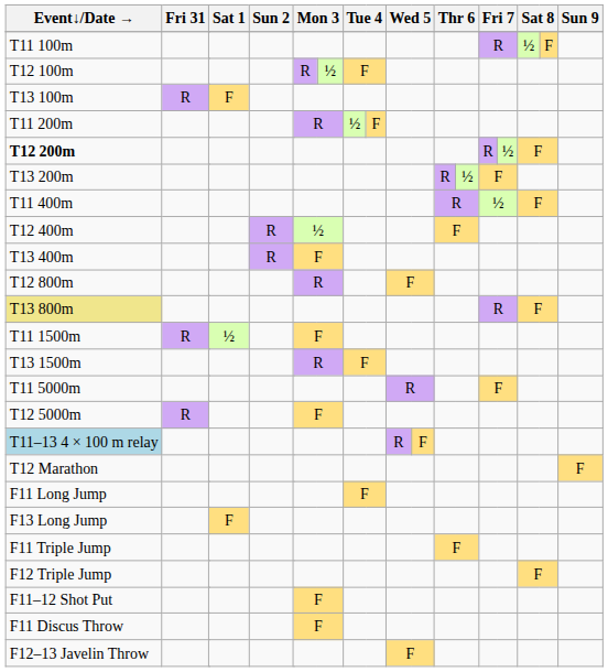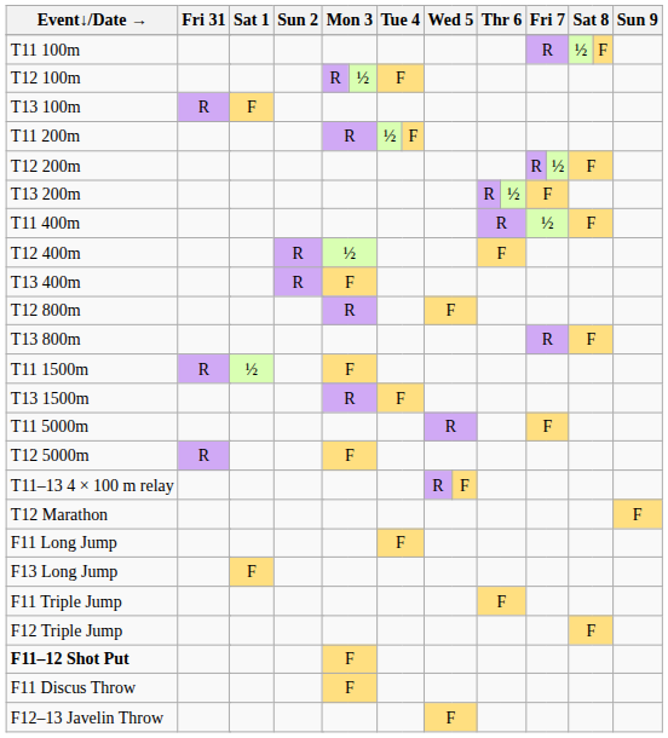 <table class="wikitable" style="margin:0.5em auto; font-size:90%; line-height:1.25em;">
 <tr align="center">
 <th>Event↓/Date →</th>
 <th colspan=2>Fri 31</th>
 <th colspan=2>Sat 1</th>
 <th colspan=2>Sun 2</th>
 <th colspan=2>Mon 3</th>
 <th colspan=2>Tue 4</th>
 <th colspan=2>Wed 5</th>
 <th colspan=2>Thr 6</th>
 <th colspan=2>Fri 7</th>
 <th colspan=2>Sat 8</th>
 <th colspan=2>Sun 9</th>
 </tr>
 <tr>
 </tr>
 <tr align="center">
 <td align="left">T11 100m</td>
 <td colspan=2></td>
 <td colspan=2></td>
 <td colspan=2></td>
 <td colspan=2></td>
 <td colspan=2></td>
 <td colspan=2></td>
 <td colspan=2></td>
 <td colspan=2 bgcolor="#D0A9F5">R</td>
 <td bgcolor="#D9FFB2">½</td>
 <td bgcolor="#FFDF80">F</td>
 <td colspan=2></td>
 </tr>
 <tr align="center">
 <td align="left">T12 100m</td>
 <td colspan=2></td>
 <td colspan=2></td>
 <td colspan=2></td>
 <td bgcolor="#D0A9F5">R</td>
 <td bgcolor="#D9FFB2">½</td>
 <td colspan=2 bgcolor="#FFDF80">F</td>
 <td colspan=2></td>
 <td colspan=2></td>
 <td colspan=2></td>
 <td colspan=2></td>
 <td colspan=2></td>
 </tr>
 <tr align="center">
 <td align="left">T13 100m</td>
 <td colspan=2 bgcolor="#D0A9F5">R</td>
 <td colspan=2 bgcolor="#FFDF80">F</td>
 <td colspan=2></td>
 <td colspan=2></td>
 <td colspan=2></td>
 <td colspan=2></td>
 <td colspan=2></td>
 <td colspan=2></td>
 <td colspan=2></td>
 <td colspan=2></td>
 </tr>
 <tr align="center">
 <td align="left">T11 200m</td>
 <td colspan=2></td>
 <td colspan=2></td>
 <td colspan=2></td>
 <td colspan=2 bgcolor="#D0A9F5">R</td>
 <td bgcolor="#D9FFB2">½</td>
 <td bgcolor="#FFDF80">F</td>
 <td colspan=2></td>
 <td colspan=2></td>
 <td colspan=2></td>
 <td colspan=2></td>
 <td colspan=2></td>
 </tr>
 <tr align="center">
-<td align="left"><strong>T12 200m</strong></td>
+<td align="left">T12 200m</td>
 <td colspan=2></td>
 <td colspan=2></td>
 <td colspan=2></td>
 <td colspan=2></td>
 <td colspan=2></td>
 <td colspan=2></td>
 <td colspan=2></td>
 <td bgcolor="#D0A9F5">R</td>
 <td bgcolor="#D9FFB2">½</td>
 <td colspan=2 bgcolor="#FFDF80">F</td>
 <td colspan=2></td>
 </tr>
 <tr align="center">
 <td align="left">T13 200m</td>
 <td colspan=2></td>
 <td colspan=2></td>
 <td colspan=2></td>
 <td colspan=2></td>
 <td colspan=2></td>
 <td colspan=2></td>
 <td bgcolor="#D0A9F5">R</td>
 <td bgcolor="#D9FFB2">½</td>
 <td colspan=2 bgcolor="#FFDF80">F</td>
 <td colspan=2></td>
 <td colspan=2></td>
 </tr>
 <tr align="center">
 <td align="left">T11 400m</td>
 <td colspan=2></td>
 <td colspan=2></td>
 <td colspan=2></td>
 <td colspan=2></td>
 <td colspan=2></td>
 <td colspan=2></td>
 <td colspan=2 bgcolor="#D0A9F5">R</td>
 <td colspan=2 bgcolor="#D9FFB2">½</td>
 <td colspan=2 bgcolor="#FFDF80">F</td>
 <td colspan=2></td>
 </tr>
 <tr align="center">
 <td align="left">T12 400m</td>
 <td colspan=2></td>
 <td colspan=2></td>
 <td colspan=2 bgcolor="#D0A9F5">R</td>
 <td colspan=2 bgcolor="#D9FFB2">½</td>
 <td colspan=2></td>
 <td colspan=2></td>
 <td colspan=2 bgcolor="#FFDF80">F</td>
 <td colspan=2></td>
 <td colspan=2></td>
 <td colspan=2></td>
 </tr>
 <tr align="center">
 <td align="left">T13 400m</td>
 <td colspan=2></td>
 <td colspan=2></td>
 <td colspan=2 bgcolor="#D0A9F5">R</td>
 <td colspan=2 bgcolor="#FFDF80">F</td>
 <td colspan=2></td>
 <td colspan=2></td>
 <td colspan=2></td>
 <td colspan=2></td>
 <td colspan=2></td>
 <td colspan=2></td>
 </tr>
 <tr align="center">
 <td align="left">T12 800m</td>
 <td colspan=2></td>
 <td colspan=2></td>
 <td colspan=2></td>
 <td colspan=2 bgcolor="#D0A9F5">R</td>
 <td colspan=2></td>
 <td colspan=2 bgcolor="#FFDF80">F</td>
 <td colspan=2></td>
 <td colspan=2></td>
 <td colspan=2></td>
 <td colspan=2></td>
 </tr>
 <tr align="center">
-<td align="left" style="background: khaki;">T13 800m</td>
+<td align="left">T13 800m</td>
 <td colspan=2></td>
 <td colspan=2></td>
 <td colspan=2></td>
 <td colspan=2></td>
 <td colspan=2></td>
 <td colspan=2></td>
 <td colspan=2></td>
 <td colspan=2 bgcolor="#D0A9F5">R</td>
 <td colspan=2 bgcolor="#FFDF80">F</td>
 <td colspan=2></td>
 </tr>
 <tr align="center">
 <td align="left">T11 1500m</td>
 <td colspan=2 bgcolor="#D0A9F5">R</td>
 <td colspan=2 bgcolor="#D9FFB2">½</td>
 <td colspan=2></td>
 <td colspan=2 bgcolor="#FFDF80">F</td>
 <td colspan=2></td>
 <td colspan=2></td>
 <td colspan=2></td>
 <td colspan=2></td>
 <td colspan=2></td>
 <td colspan=2></td>
 </tr>
 <tr align="center">
 <td align="left">T13 1500m</td>
 <td colspan=2></td>
 <td colspan=2></td>
 <td colspan=2></td>
 <td colspan=2 bgcolor="#D0A9F5">R</td>
 <td colspan=2 bgcolor="#FFDF80">F</td>
 <td colspan=2></td>
 <td colspan=2></td>
 <td colspan=2></td>
 <td colspan=2></td>
 <td colspan=2></td>
 </tr>
 <tr align="center">
 <td align="left">T11 5000m</td>
 <td colspan=2></td>
 <td colspan=2></td>
 <td colspan=2></td>
 <td colspan=2></td>
 <td colspan=2></td>
 <td colspan=2 bgcolor="#D0A9F5">R</td>
 <td colspan=2></td>
 <td colspan=2 bgcolor="#FFDF80">F</td>
 <td colspan=2></td>
 <td colspan=2></td>
 </tr>
 <tr align="center">
 <td align="left">T12 5000m</td>
 <td colspan=2 bgcolor="#D0A9F5">R</td>
 <td colspan=2></td>
 <td colspan=2></td>
 <td colspan=2 bgcolor="#FFDF80">F</td>
 <td colspan=2></td>
 <td colspan=2></td>
 <td colspan=2></td>
 <td colspan=2></td>
 <td colspan=2></td>
 <td colspan=2></td>
 </tr>
 <tr align="center">
-<td align="left" style="background: lightblue;">T11–13 4 × 100 m relay</td>
+<td align="left">T11–13 4 × 100 m relay</td>
 <td colspan=2></td>
 <td colspan=2></td>
 <td colspan=2></td>
 <td colspan=2></td>
 <td colspan=2></td>
 <td bgcolor="#D0A9F5">R</td>
 <td bgcolor="#FFDF80">F</td>
 <td colspan=2></td>
 <td colspan=2></td>
 <td colspan=2></td>
 <td colspan=2></td>
 </tr>
 <tr align="center">
 <td align="left">T12 Marathon</td>
 <td colspan=2></td>
 <td colspan=2></td>
 <td colspan=2></td>
 <td colspan=2></td>
 <td colspan=2></td>
 <td colspan=2></td>
 <td colspan=2></td>
 <td colspan=2></td>
 <td colspan=2></td>
 <td colspan=2 bgcolor="#FFDF80">F</td>
 </tr>
 <tr align="center">
 <td align="left">F11 Long Jump</td>
 <td colspan=2></td>
 <td colspan=2></td>
 <td colspan=2></td>
 <td colspan=2></td>
 <td colspan=2 bgcolor="#FFDF80">F</td>
 <td colspan=2></td>
 <td colspan=2></td>
 <td colspan=2></td>
 <td colspan=2></td>
 <td colspan=2></td>
 </tr>
 <tr align="center">
 <td align="left">F13 Long Jump</td>
 <td colspan=2></td>
 <td colspan=2 bgcolor="#FFDF80">F</td>
 <td colspan=2></td>
 <td colspan=2></td>
 <td colspan=2></td>
 <td colspan=2></td>
 <td colspan=2></td>
 <td colspan=2></td>
 <td colspan=2></td>
 <td colspan=2></td>
 </tr>
 <tr align="center">
 <td align="left">F11 Triple Jump</td>
 <td colspan=2></td>
 <td colspan=2></td>
 <td colspan=2></td>
 <td colspan=2></td>
 <td colspan=2></td>
 <td colspan=2></td>
 <td colspan=2 bgcolor="#FFDF80">F</td>
 <td colspan=2></td>
 <td colspan=2></td>
 <td colspan=2></td>
 </tr>
 <tr align="center">
 <td align="left">F12 Triple Jump</td>
 <td colspan=2></td>
 <td colspan=2></td>
 <td colspan=2></td>
 <td colspan=2></td>
 <td colspan=2></td>
 <td colspan=2></td>
 <td colspan=2></td>
 <td colspan=2></td>
 <td colspan=2 bgcolor="#FFDF80">F</td>
 <td colspan=2></td>
 </tr>
 <tr align="center">
-<td align="left">F11–12 Shot Put</td>
+<td align="left"><strong>F11–12 Shot Put</strong></td>
 <td colspan=2></td>
 <td colspan=2></td>
 <td colspan=2></td>
 <td colspan=2 bgcolor="#FFDF80">F</td>
 <td colspan=2></td>
 <td colspan=2></td>
 <td colspan=2></td>
 <td colspan=2></td>
 <td colspan=2></td>
 <td colspan=2></td>
 </tr>
 <tr align="center">
 <td align="left">F11 Discus Throw</td>
 <td colspan=2></td>
 <td colspan=2></td>
 <td colspan=2></td>
 <td colspan=2 bgcolor="#FFDF80">F</td>
 <td colspan=2></td>
 <td colspan=2></td>
 <td colspan=2></td>
 <td colspan=2></td>
 <td colspan=2></td>
 <td colspan=2></td>
 </tr>
 <tr align="center">
 <td align="left">F12–13 Javelin Throw</td>
 <td colspan=2></td>
 <td colspan=2></td>
 <td colspan=2></td>
 <td colspan=2></td>
 <td colspan=2></td>
 <td colspan=2 bgcolor="#FFDF80">F</td>
 <td colspan=2></td>
 <td colspan=2></td>
 <td colspan=2></td>
 <td colspan=2></td>
 </tr>
 </table>
